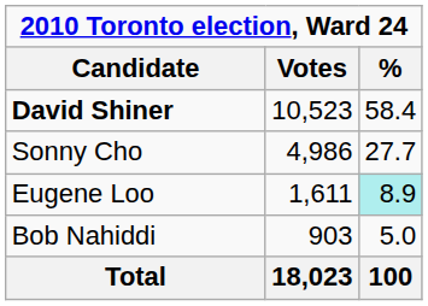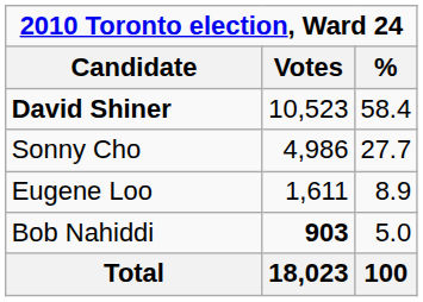 <table class="wikitable">
 <tr>
 <td colspan="3" align="center"><strong><a href='#'>2010 Toronto election</a>, Ward 24</strong></td>
 </tr>
 <tr>
 <th bgcolor="#DDDDFF" width="150px">Candidate</th>
 <th bgcolor="#DDDDFF">Votes</th>
 <th bgcolor="#DDDDFF">%</th>
 </tr>
 <tr>
 <td><strong>David Shiner</strong></td>
 <td align="right">10,523</td>
 <td align="right">58.4</td>
 </tr>
 <tr>
 <td>Sonny Cho</td>
 <td align="right">4,986</td>
 <td align="right">27.7</td>
 </tr>
 <tr>
 <td>Eugene Loo</td>
 <td align="right">1,611</td>
-<td align="right" style="background: paleturquoise;">8.9</td>
+<td align="right">8.9</td>
 </tr>
 <tr>
 <td>Bob Nahiddi</td>
-<td align="right">903</td>
+<td align="right"><strong>903</strong></td>
 <td align="right">5.0</td>
 </tr>
 <tr>
 <th>Total</th>
 <th align="right">18,023</th>
 <th align="right">100</th>
 </tr>
 </table>
